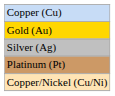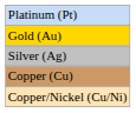 <table class="wikitable">
 <tr bgcolor="#eeeeee">
 </tr>
 <tr>
 </tr>
 <tr bgcolor="#c7dcf6">
-<td>Copper (Cu)</td>
+<td>Platinum (Pt)</td>
 </tr>
 <tr>
 </tr>
 <tr bgcolor="gold">
 <td>Gold (Au)</td>
 </tr>
 <tr>
 </tr>
 <tr bgcolor="silver">
 <td>Silver (Ag)</td>
 </tr>
 <tr>
 </tr>
 <tr bgcolor="#CC9966">
-<td>Platinum (Pt)</td>
+<td>Copper (Cu)</td>
 </tr>
 <tr>
 </tr>
 <tr bgcolor="moccasin">
 <td>Copper/Nickel (Cu/Ni)</td>
 </tr>
 <tr>
 </tr>
 </table>
